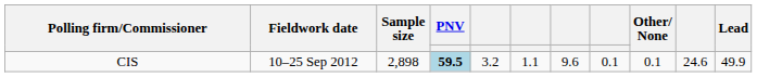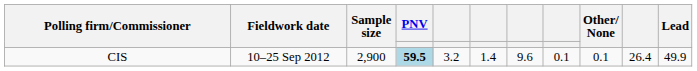 <table class="wikitable collapsible collapsed" style="text-align:center; font-size:90%; line-height:14px;">
 <tr style="height:42px;">
 <th style="width:250px;" rowspan="2">Polling firm/Commissioner</th>
 <th style="width:125px;" rowspan="2">Fieldwork date</th>
 <th style="width:50px;" rowspan="2">Sample size</th>
 <th style="width:35px;"><a href='#'>PNV</a></th>
 <th style="width:35px;"></th>
 <th style="width:35px;"></th>
 <th style="width:35px;"></th>
 <th style="width:35px;"></th>
 <th style="width:35px;" rowspan="2">Other/<br>None</th>
 <th style="width:35px;" rowspan="2"></th>
 <th style="width:30px;" rowspan="2">Lead</th>
 </tr>
 <tr>
 <th style="color:inherit;background:"></th>
 <th style="color:inherit;background:"></th>
 <th style="color:inherit;background:"></th>
 <th style="color:inherit;background:"></th>
 <th style="color:inherit;background:"></th>
 </tr>
 <tr>
 <td>CIS</td>
 <td>10–25 Sep 2012</td>
-<td>2,898</td>
+<td>2,900</td>
 <td style="background: lightblue;"><strong>59.5</strong></td>
 <td>3.2</td>
-<td>1.1</td>
+<td>1.4</td>
 <td>9.6</td>
 <td>0.1</td>
 <td>0.1</td>
-<td>24.6</td>
+<td>26.4</td>
 <td style="background:">49.9</td>
 </tr>
 </table>
